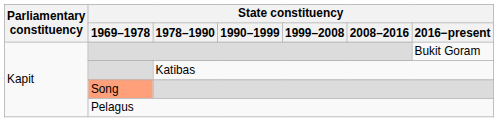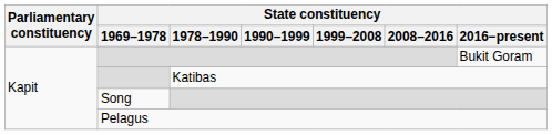 <table class="wikitable">
 <tr>
 <th rowspan="2">Parliamentary<br>constituency</th>
 <th colspan="6">State constituency</th>
 </tr>
 <tr>
 <th>1969–1978</th>
 <th>1978–1990</th>
 <th>1990–1999</th>
 <th>1999–2008</th>
 <th>2008–2016</th>
 <th>2016−present</th>
 </tr>
 <tr>
 <td rowspan="4">Kapit</td>
 <td colspan="5" bgcolor="dcdcdc"></td>
 <td>Bukit Goram</td>
 </tr>
 <tr>
 <td bgcolor="dcdcdc"></td>
 <td colspan="5">Katibas</td>
 </tr>
 <tr>
-<td style="background: lightsalmon;">Song</td>
+<td>Song</td>
 <td colspan="5" bgcolor="dcdcdc"></td>
 </tr>
 <tr>
 <td colspan="6">Pelagus</td>
 </tr>
 </table>
